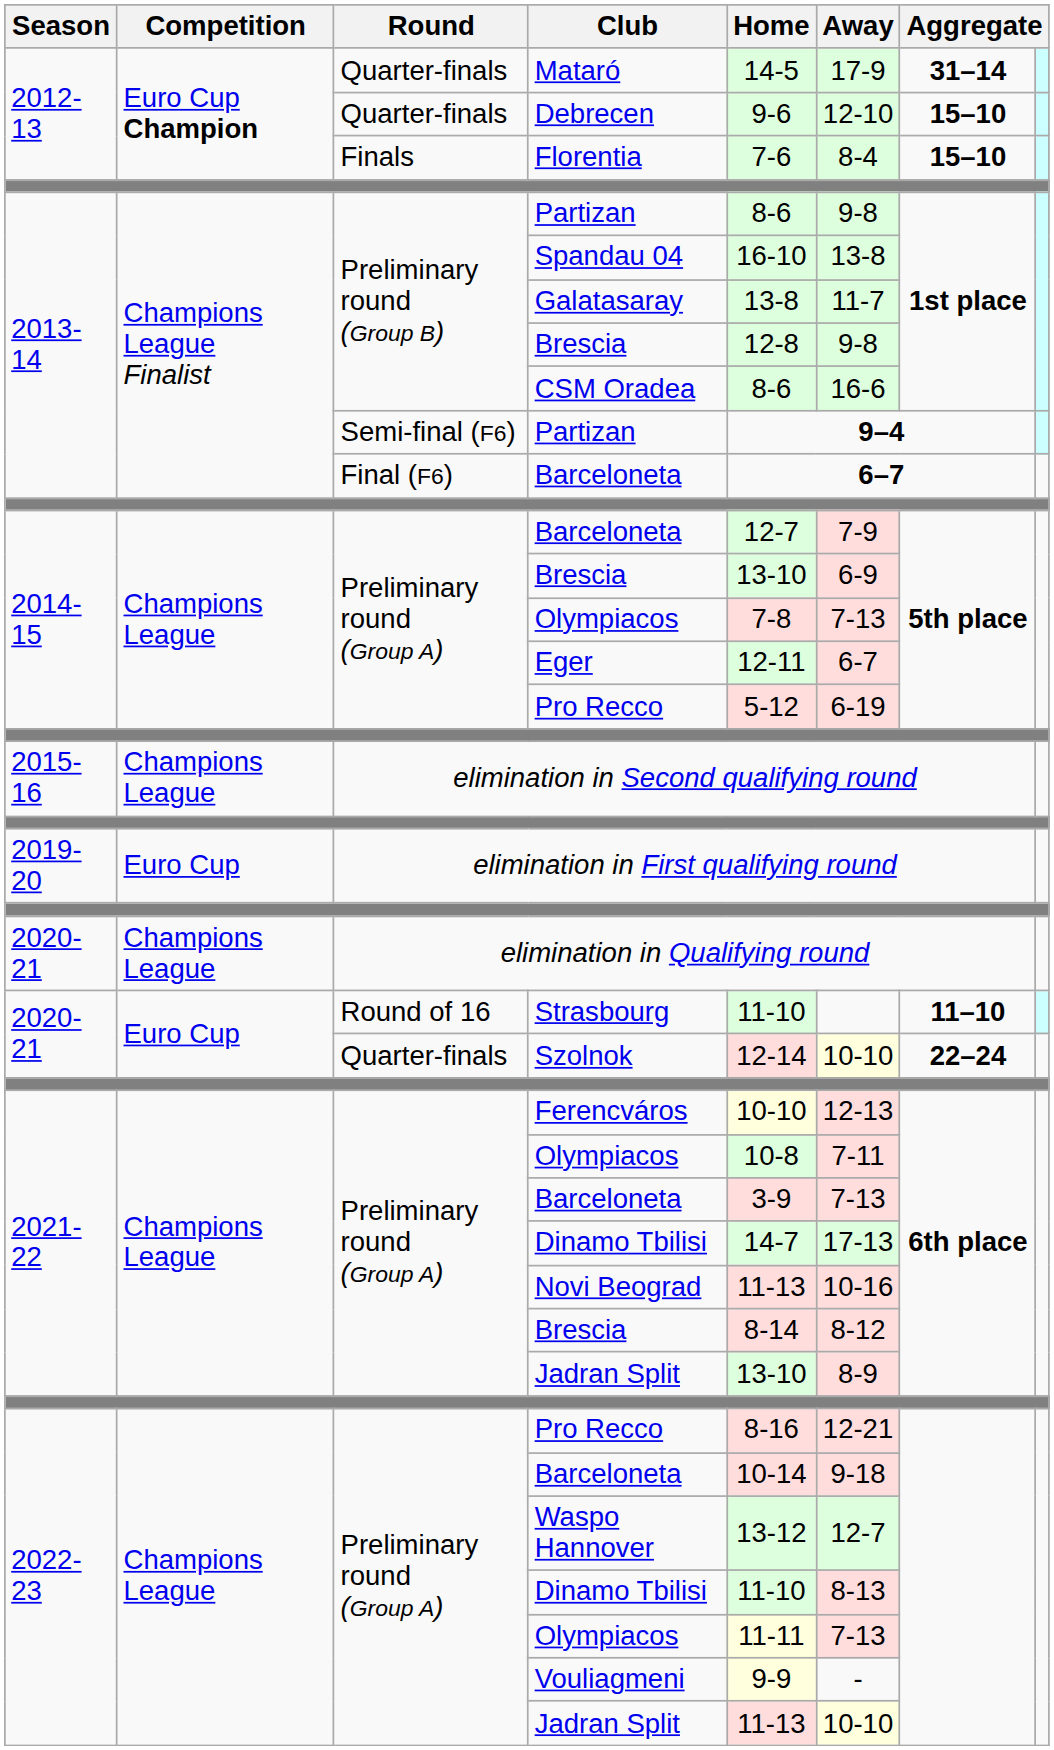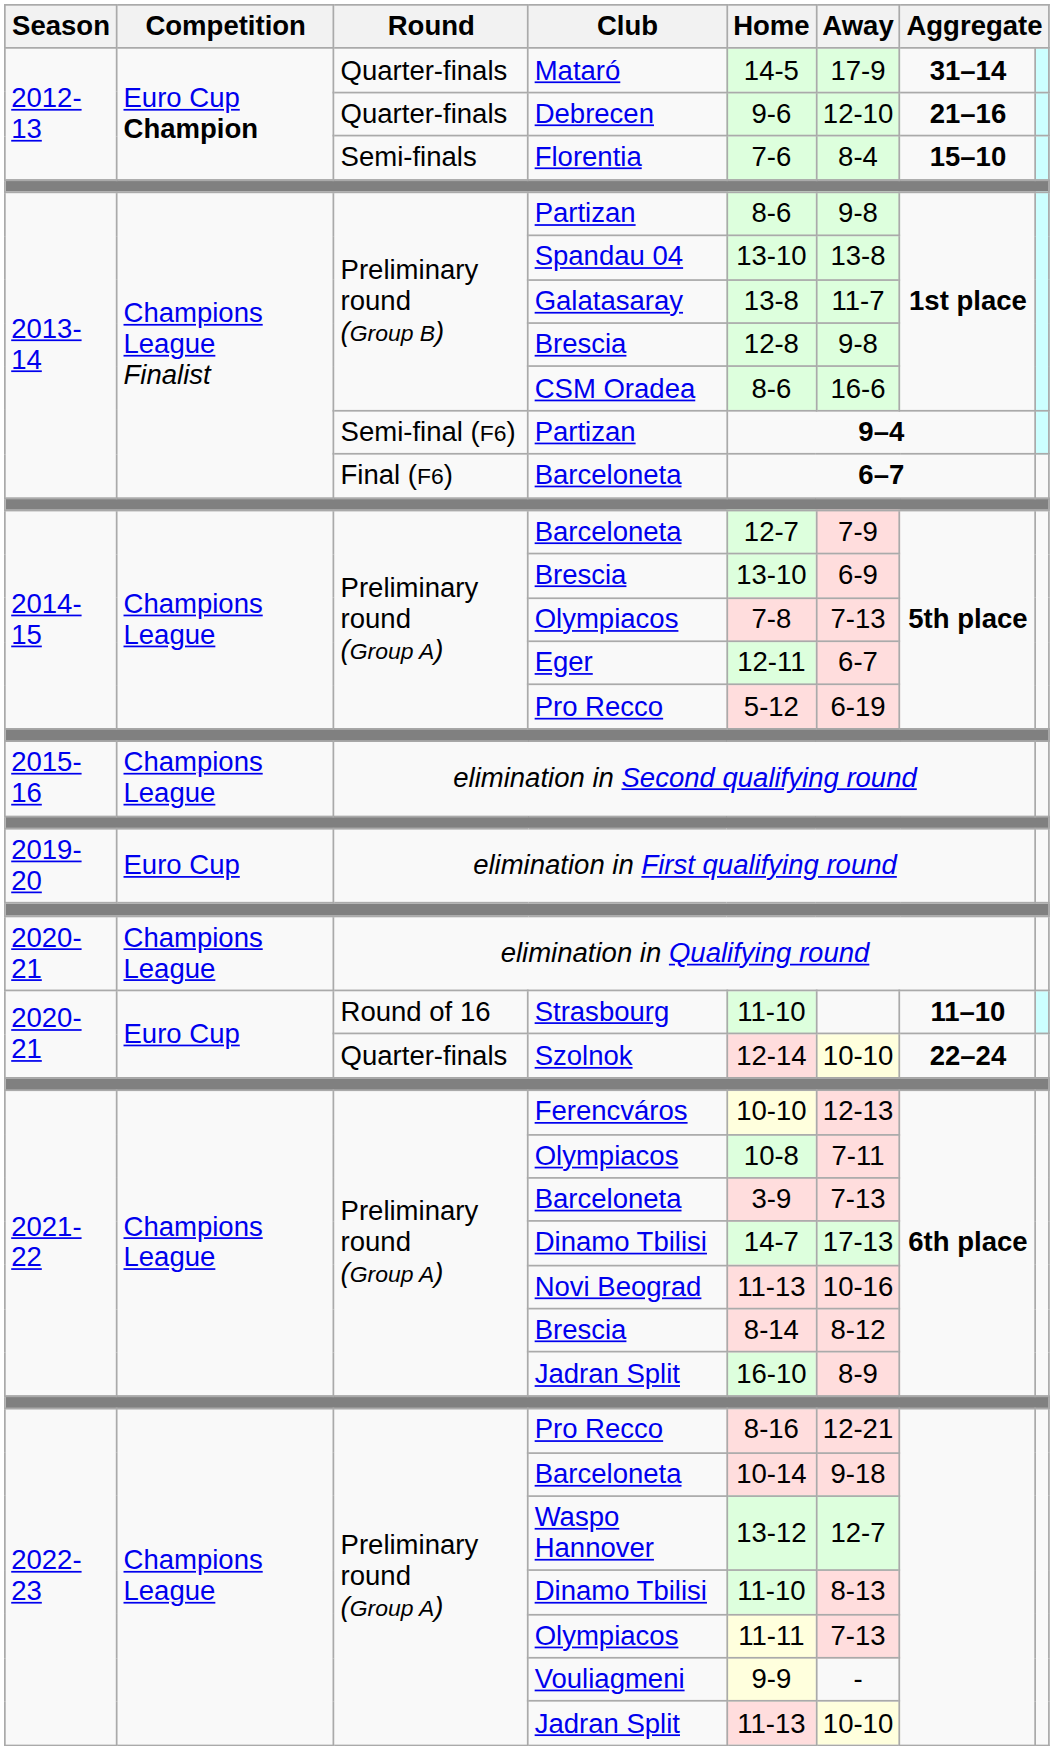 <table class="wikitable collapsible collapsed" align="center" style="text-align:left;">
 <tr>
 <th>Season</th>
 <th>Competition</th>
 <th>Round</th>
 <th>Club</th>
 <th>Home</th>
 <th>Away</th>
 <th colspan=2>Aggregate</th>
 </tr>
 <tr>
 <td rowspan=3><a href='#'>2012-13</a></td>
 <td rowspan=3><a href='#'>Euro Cup</a><br> <strong>Champion</strong></td>
 <td>Quarter-finals</td>
 <td> <a href='#'>Mataró</a></td>
 <td style="text-align:center; background:#dfd;">14-5</td>
 <td style="text-align:center; background:#dfd;">17-9</td>
 <td align=center><strong>31–14</strong></td>
 <td style="background-color:#CFF" align="center"></td>
 </tr>
 <tr>
 <td>Quarter-finals</td>
 <td> <a href='#'>Debrecen</a></td>
 <td style="text-align:center; background:#dfd;">9-6</td>
 <td style="text-align:center; background:#dfd;">12-10</td>
-<td style="text-align:center;"><strong>15–10</strong></td>
+<td align=center><strong>21–16</strong></td>
 <td style="background-color:#CFF" align="center"></td>
 </tr>
 <tr>
-<td>Finals</td>
+<td>Semi-finals</td>
 <td> <a href='#'>Florentia</a></td>
 <td style="text-align:center; background:#dfd;">7-6</td>
 <td style="text-align:center; background:#dfd;">8-4</td>
 <td style="text-align:center;"><strong>15–10</strong></td>
 <td style="background-color:#CFF" align="center"></td>
 </tr>
 <tr>
 <td colspan=8 style="text-align: center;" bgcolor=grey></td>
 </tr>
 <tr>
 <td rowspan=7><a href='#'>2013-14</a></td>
 <td rowspan=7><a href='#'>Champions League</a><br> <em>Finalist</em></td>
 <td rowspan=5>Preliminary round<br><em>(<small>Group B</small>)</em></td>
 <td> <a href='#'>Partizan</a></td>
 <td style="text-align:center; background:#dfd;">8-6</td>
 <td style="text-align:center; background:#dfd;">9-8</td>
 <td align=center rowspan=5><strong>1st place</strong></td>
 <td style="background-color:#CFF" align="center" rowspan=5></td>
 </tr>
 <tr>
 <td> <a href='#'>Spandau 04</a></td>
-<td style="text-align:center; background:#dfd;">16-10</td>
+<td style="text-align:center; background:#dfd;">13-10</td>
 <td style="text-align:center; background:#dfd;">13-8</td>
 </tr>
 <tr>
 <td> <a href='#'>Galatasaray</a></td>
 <td style="text-align:center; background:#dfd;">13-8</td>
 <td style="text-align:center; background:#dfd;">11-7</td>
 </tr>
 <tr>
 <td> <a href='#'>Brescia</a></td>
 <td style="text-align:center; background:#dfd;">12-8</td>
 <td style="text-align:center; background:#dfd;">9-8</td>
 </tr>
 <tr>
 <td> <a href='#'>CSM Oradea</a></td>
 <td style="text-align:center; background:#dfd;">8-6</td>
 <td style="text-align:center; background:#dfd;">16-6</td>
 </tr>
 <tr>
 <td>Semi-final (<small>F6</small>)</td>
 <td> <a href='#'>Partizan</a></td>
 <td colspan=3; style="text-align:center"><strong>9–4</strong></td>
 <td style="background-color:#CFF" align="center"></td>
 </tr>
 <tr>
 <td>Final (<small>F6</small>)</td>
 <td> <a href='#'>Barceloneta</a></td>
 <td colspan=3; style="text-align:center"><strong>6–7</strong></td>
 <td align="center"></td>
 </tr>
 <tr>
 <td colspan=8 style="text-align: center;" bgcolor=grey></td>
 </tr>
 <tr>
 <td rowspan=5><a href='#'>2014-15</a></td>
 <td rowspan=5><a href='#'>Champions League</a></td>
 <td rowspan=5>Preliminary round<br><em>(<small>Group A</small>)</em></td>
 <td> <a href='#'>Barceloneta</a></td>
 <td style="text-align:center; background:#dfd;">12-7</td>
 <td style="text-align:center; background:#fdd;">7-9</td>
 <td align=center rowspan=5><strong>5th place</strong></td>
 <td align="center" rowspan=5></td>
 </tr>
 <tr>
 <td> <a href='#'>Brescia</a></td>
 <td style="text-align:center; background:#dfd;">13-10</td>
 <td style="text-align:center; background:#fdd;">6-9</td>
 </tr>
 <tr>
 <td> <a href='#'>Olympiacos</a></td>
 <td style="text-align:center; background:#fdd;">7-8</td>
 <td style="text-align:center; background:#fdd;">7-13</td>
 </tr>
 <tr>
 <td> <a href='#'>Eger</a></td>
 <td style="text-align:center; background:#dfd;">12-11</td>
 <td style="text-align:center; background:#fdd;">6-7</td>
 </tr>
 <tr>
 <td> <a href='#'>Pro Recco</a></td>
 <td style="text-align:center; background:#fdd;">5-12</td>
 <td style="text-align:center; background:#fdd;">6-19</td>
 </tr>
 <tr>
 <td colspan=8 style="text-align: center;" bgcolor=grey></td>
 </tr>
 <tr>
 <td rowspan=1><a href='#'>2015-16</a></td>
 <td rowspan=1><a href='#'>Champions League</a></td>
 <td colspan=5; align="center"><em>elimination in <a href='#'>Second qualifying round</a></em></td>
 <td align="center"></td>
 </tr>
 <tr>
 <td colspan=8 style="text-align: center;" bgcolor=grey></td>
 </tr>
 <tr>
 <td rowspan=1><a href='#'>2019-20</a></td>
 <td rowspan=1><a href='#'>Euro Cup</a></td>
 <td colspan=5; align="center"><em>elimination in <a href='#'>First qualifying round</a></em></td>
 <td align="center"></td>
 </tr>
 <tr>
 <td colspan=8 style="text-align: center;" bgcolor=grey></td>
 </tr>
 <tr>
 <td rowspan=1><a href='#'>2020-21</a></td>
 <td rowspan=1><a href='#'>Champions League</a></td>
 <td colspan=5; align="center"><em>elimination in <a href='#'>Qualifying round</a></em></td>
 <td align="center"></td>
 </tr>
 <tr>
 <td rowspan=2><a href='#'>2020-21</a></td>
 <td rowspan=2><a href='#'>Euro Cup</a></td>
 <td>Round of 16</td>
 <td> <a href='#'>Strasbourg</a></td>
 <td style="text-align:center; background:#dfd;">11-10</td>
 <td style="text-align:center;"><sup></sup></td>
 <td style="text-align:center;"><strong>11–10</strong></td>
 <td style="background-color:#CFF" align="center"></td>
 </tr>
 <tr>
 <td>Quarter-finals</td>
 <td> <a href='#'>Szolnok</a></td>
 <td style="text-align:center; background:#fdd;">12-14</td>
 <td style="text-align:center; background:#ffd;">10-10</td>
 <td style="text-align:center;"><strong>22–24</strong></td>
 <td align="center"></td>
 </tr>
 <tr>
 <td colspan=8 style="text-align: center;" bgcolor=grey></td>
 </tr>
 <tr>
 <td rowspan=7><a href='#'>2021-22</a></td>
 <td rowspan=7><a href='#'>Champions League</a></td>
 <td rowspan=7>Preliminary round<br><em>(<small>Group A</small>)</em></td>
 <td> <a href='#'>Ferencváros</a></td>
 <td style="text-align:center; background:#ffd;">10-10</td>
 <td style="text-align:center; background:#fdd;">12-13</td>
 <td align=center rowspan=7><strong>6th place</strong></td>
 <td align="center" rowspan=7></td>
 </tr>
 <tr>
 <td> <a href='#'>Olympiacos</a></td>
 <td style="text-align:center; background:#dfd;">10-8</td>
 <td style="text-align:center; background:#fdd;">7-11</td>
 </tr>
 <tr>
 <td> <a href='#'>Barceloneta</a></td>
 <td style="text-align:center; background:#fdd;">3-9</td>
 <td style="text-align:center; background:#fdd;">7-13</td>
 </tr>
 <tr>
 <td> <a href='#'>Dinamo Tbilisi</a></td>
 <td style="text-align:center; background:#dfd;">14-7</td>
 <td style="text-align:center; background:#dfd;">17-13</td>
 </tr>
 <tr>
 <td> <a href='#'>Novi Beograd</a></td>
 <td style="text-align:center; background:#fdd;">11-13</td>
 <td style="text-align:center; background:#fdd;">10-16</td>
 </tr>
 <tr>
 <td> <a href='#'>Brescia</a></td>
 <td style="text-align:center; background:#fdd;">8-14</td>
 <td style="text-align:center; background:#fdd;">8-12</td>
 </tr>
 <tr>
 <td> <a href='#'>Jadran Split</a></td>
-<td style="text-align:center; background:#dfd;">13-10</td>
+<td style="text-align:center; background:#dfd;">16-10</td>
 <td style="text-align:center; background:#fdd;">8-9</td>
 </tr>
 <tr>
 <td colspan=8 style="text-align: center;" bgcolor=grey></td>
 </tr>
 <tr>
 <td rowspan=7><a href='#'>2022-23</a></td>
 <td rowspan=7><a href='#'>Champions League</a></td>
 <td rowspan=7>Preliminary round<br><em>(<small>Group A</small>)</em></td>
 <td> <a href='#'>Pro Recco</a></td>
 <td style="text-align:center; background:#fdd;">8-16</td>
 <td style="text-align:center; background:#fdd;">12-21</td>
 <td align=center rowspan=7></td>
 <td align="center" rowspan=7></td>
 </tr>
 <tr>
 <td> <a href='#'>Barceloneta</a></td>
 <td style="text-align:center; background:#fdd;">10-14</td>
 <td style="text-align:center; background:#fdd;">9-18</td>
 </tr>
 <tr>
 <td> <a href='#'>Waspo Hannover</a></td>
 <td style="text-align:center; background:#dfd;">13-12</td>
 <td style="text-align:center; background:#dfd;">12-7</td>
 </tr>
 <tr>
 <td> <a href='#'>Dinamo Tbilisi</a></td>
 <td style="text-align:center; background:#dfd;">11-10</td>
 <td style="text-align:center; background:#fdd;">8-13</td>
 </tr>
 <tr>
 <td> <a href='#'>Olympiacos</a></td>
 <td style="text-align:center; background:#ffd;">11-11</td>
 <td style="text-align:center; background:#fdd;">7-13</td>
 </tr>
 <tr>
 <td> <a href='#'>Vouliagmeni</a></td>
 <td style="text-align:center; background:#ffd;">9-9</td>
 <td style="text-align:center; ">-</td>
 </tr>
 <tr>
 <td> <a href='#'>Jadran Split</a></td>
 <td style="text-align:center; background:#fdd;">11-13</td>
 <td style="text-align:center; background:#ffd;">10-10</td>
 </tr>
 </table>
